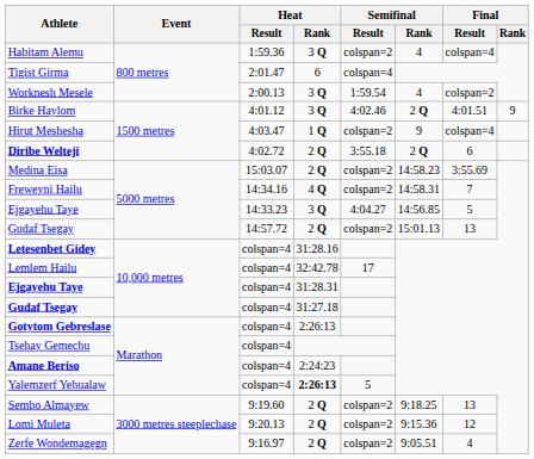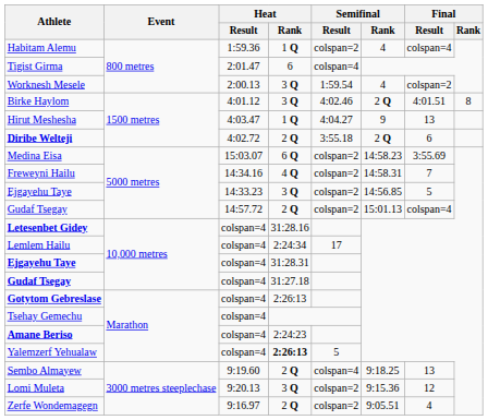 <table class="wikitable" style="font-size:90%">
 <tr>
 <th rowspan="2">Athlete</th>
 <th rowspan="2">Event</th>
 <th colspan="2">Heat</th>
 <th colspan="2">Semifinal</th>
 <th colspan="2">Final</th>
 </tr>
 <tr style="font-size:95%">
 <th>Result</th>
 <th>Rank</th>
 <th>Result</th>
 <th>Rank</th>
 <th>Result</th>
 <th>Rank</th>
 </tr>
 <tr style=text-align:center>
 <td style=text-align:left><a href='#'>Habitam Alemu</a></td>
 <td style=text-align:left rowspan=3><a href='#'>800 metres</a></td>
 <td>1:59.36</td>
-<td>3 <strong>Q</strong></td>
+<td>1 <strong>Q</strong></td>
 <td>colspan=2</td>
 <td>4</td>
 <td>colspan=4 </td>
 </tr>
 <tr style=text-align:center>
 <td style=text-align:left><a href='#'>Tigist Girma</a></td>
 <td>2:01.47</td>
 <td>6</td>
 <td>colspan=4 </td>
 </tr>
 <tr style=text-align:center>
 <td style=text-align:left><a href='#'>Worknesh Mesele</a></td>
 <td>2:00.13</td>
 <td>3 <strong>Q</strong></td>
 <td>1:59.54</td>
 <td>4</td>
 <td>colspan=2</td>
 </tr>
 <tr style=text-align:center>
 <td style=text-align:left><a href='#'>Birke Haylom</a></td>
 <td style=text-align:left rowspan=3><a href='#'>1500 metres</a></td>
 <td>4:01.12</td>
 <td>3 <strong>Q</strong></td>
 <td>4:02.46</td>
 <td>2 <strong>Q</strong></td>
 <td>4:01.51</td>
-<td>9</td>
+<td>8</td>
 </tr>
 <tr style=text-align:center>
 <td style=text-align:left><a href='#'>Hirut Meshesha</a></td>
 <td>4:03.47</td>
 <td>1 <strong>Q</strong></td>
-<td>colspan=2</td>
+<td>4:04.27</td>
 <td>9</td>
-<td>colspan=4 </td>
+<td>13</td>
 </tr>
 <tr style=text-align:center>
 <td style=text-align:left><strong><a href='#'>Diribe Welteji</a></strong></td>
 <td>4:02.72</td>
 <td>2 <strong>Q</strong></td>
 <td>3:55.18</td>
 <td>2 <strong>Q</strong></td>
 <td>6</td>
 <td></td>
 </tr>
 <tr style=text-align:center>
 <td style=text-align:left><a href='#'>Medina Eisa</a></td>
 <td style=text-align:left rowspan=4><a href='#'>5000 metres</a></td>
 <td>15:03.07</td>
-<td>2 <strong>Q</strong></td>
+<td>6 <strong>Q</strong></td>
 <td>colspan=2</td>
 <td>14:58.23</td>
 <td>3:55.69</td>
 </tr>
 <tr style=text-align:center>
 <td style=text-align:left><a href='#'>Freweyni Hailu</a></td>
 <td>14:34.16</td>
 <td>4 <strong>Q</strong></td>
 <td>colspan=2</td>
 <td>14:58.31</td>
 <td>7</td>
 </tr>
 <tr style=text-align:center>
 <td style=text-align:left><a href='#'>Ejgayehu Taye</a></td>
 <td>14:33.23</td>
 <td>3 <strong>Q</strong></td>
-<td>4:04.27</td>
+<td>colspan=2</td>
 <td>14:56.85</td>
 <td>5</td>
 </tr>
 <tr style=text-align:center>
 <td style=text-align:left><a href='#'>Gudaf Tsegay</a></td>
 <td>14:57.72</td>
 <td>2 <strong>Q</strong></td>
 <td>colspan=2</td>
 <td>15:01.13</td>
-<td>13</td>
+<td>colspan=4 </td>
 </tr>
 <tr style=text-align:center>
 <td style=text-align:left><strong><a href='#'>Letesenbet Gidey</a></strong></td>
 <td style=text-align:left rowspan=4><a href='#'>10,000 metres</a></td>
 <td>colspan=4</td>
 <td>31:28.16 </td>
 <td></td>
 </tr>
 <tr style=text-align:center>
 <td style=text-align:left><a href='#'>Lemlem Hailu</a></td>
 <td>colspan=4</td>
-<td>32:42.78</td>
+<td>2:24:34 </td>
 <td>17</td>
 </tr>
 <tr style=text-align:center>
 <td style=text-align:left><strong><a href='#'>Ejgayehu Taye</a></strong></td>
 <td>colspan=4</td>
 <td>31:28.31</td>
 <td></td>
 </tr>
 <tr style=text-align:center>
 <td style=text-align:left><strong><a href='#'>Gudaf Tsegay</a></strong></td>
 <td>colspan=4</td>
 <td>31:27.18</td>
 <td></td>
 </tr>
 <tr style=text-align:center>
 <td style=text-align:left><strong><a href='#'>Gotytom Gebreslase</a></strong></td>
 <td style=text-align:left rowspan=4><a href='#'>Marathon</a></td>
 <td>colspan=4</td>
 <td>2:26:13</td>
 <td></td>
 </tr>
 <tr style=text-align:center>
 <td style=text-align:left><a href='#'>Tsehay Gemechu</a></td>
 <td>colspan=4</td>
 <td colspan=2></td>
 </tr>
 <tr style=text-align:center>
 <td style=text-align:left><strong><a href='#'>Amane Beriso</a></strong></td>
 <td>colspan=4</td>
 <td>2:24:23 </td>
 <td></td>
 </tr>
 <tr style=text-align:center>
 <td style=text-align:left><a href='#'>Yalemzerf Yehualaw</a></td>
 <td>colspan=4</td>
 <td><strong>2:26:13</strong></td>
 <td>5</td>
 </tr>
 <tr style=text-align:center>
 <td style=text-align:left><a href='#'>Sembo Almayew</a></td>
 <td style=text-align:left rowspan=3><a href='#'>3000 metres steeplechase</a></td>
 <td>9:19.60</td>
 <td>2 <strong>Q</strong></td>
-<td>colspan=2</td>
+<td>colspan=4 </td>
 <td>9:18.25</td>
 <td>13</td>
 </tr>
 <tr style=text-align:center>
 <td style=text-align:left><a href='#'>Lomi Muleta</a></td>
 <td>9:20.13</td>
-<td>2 <strong>Q</strong></td>
+<td>3 <strong>Q</strong></td>
 <td>colspan=2</td>
 <td>9:15.36</td>
 <td>12</td>
 </tr>
 <tr style=text-align:center>
 <td style=text-align:left><a href='#'>Zerfe Wondemagegn</a></td>
 <td>9:16.97</td>
 <td>2 <strong>Q</strong></td>
 <td>colspan=2</td>
 <td>9:05.51</td>
 <td>4</td>
 </tr>
 </table>
